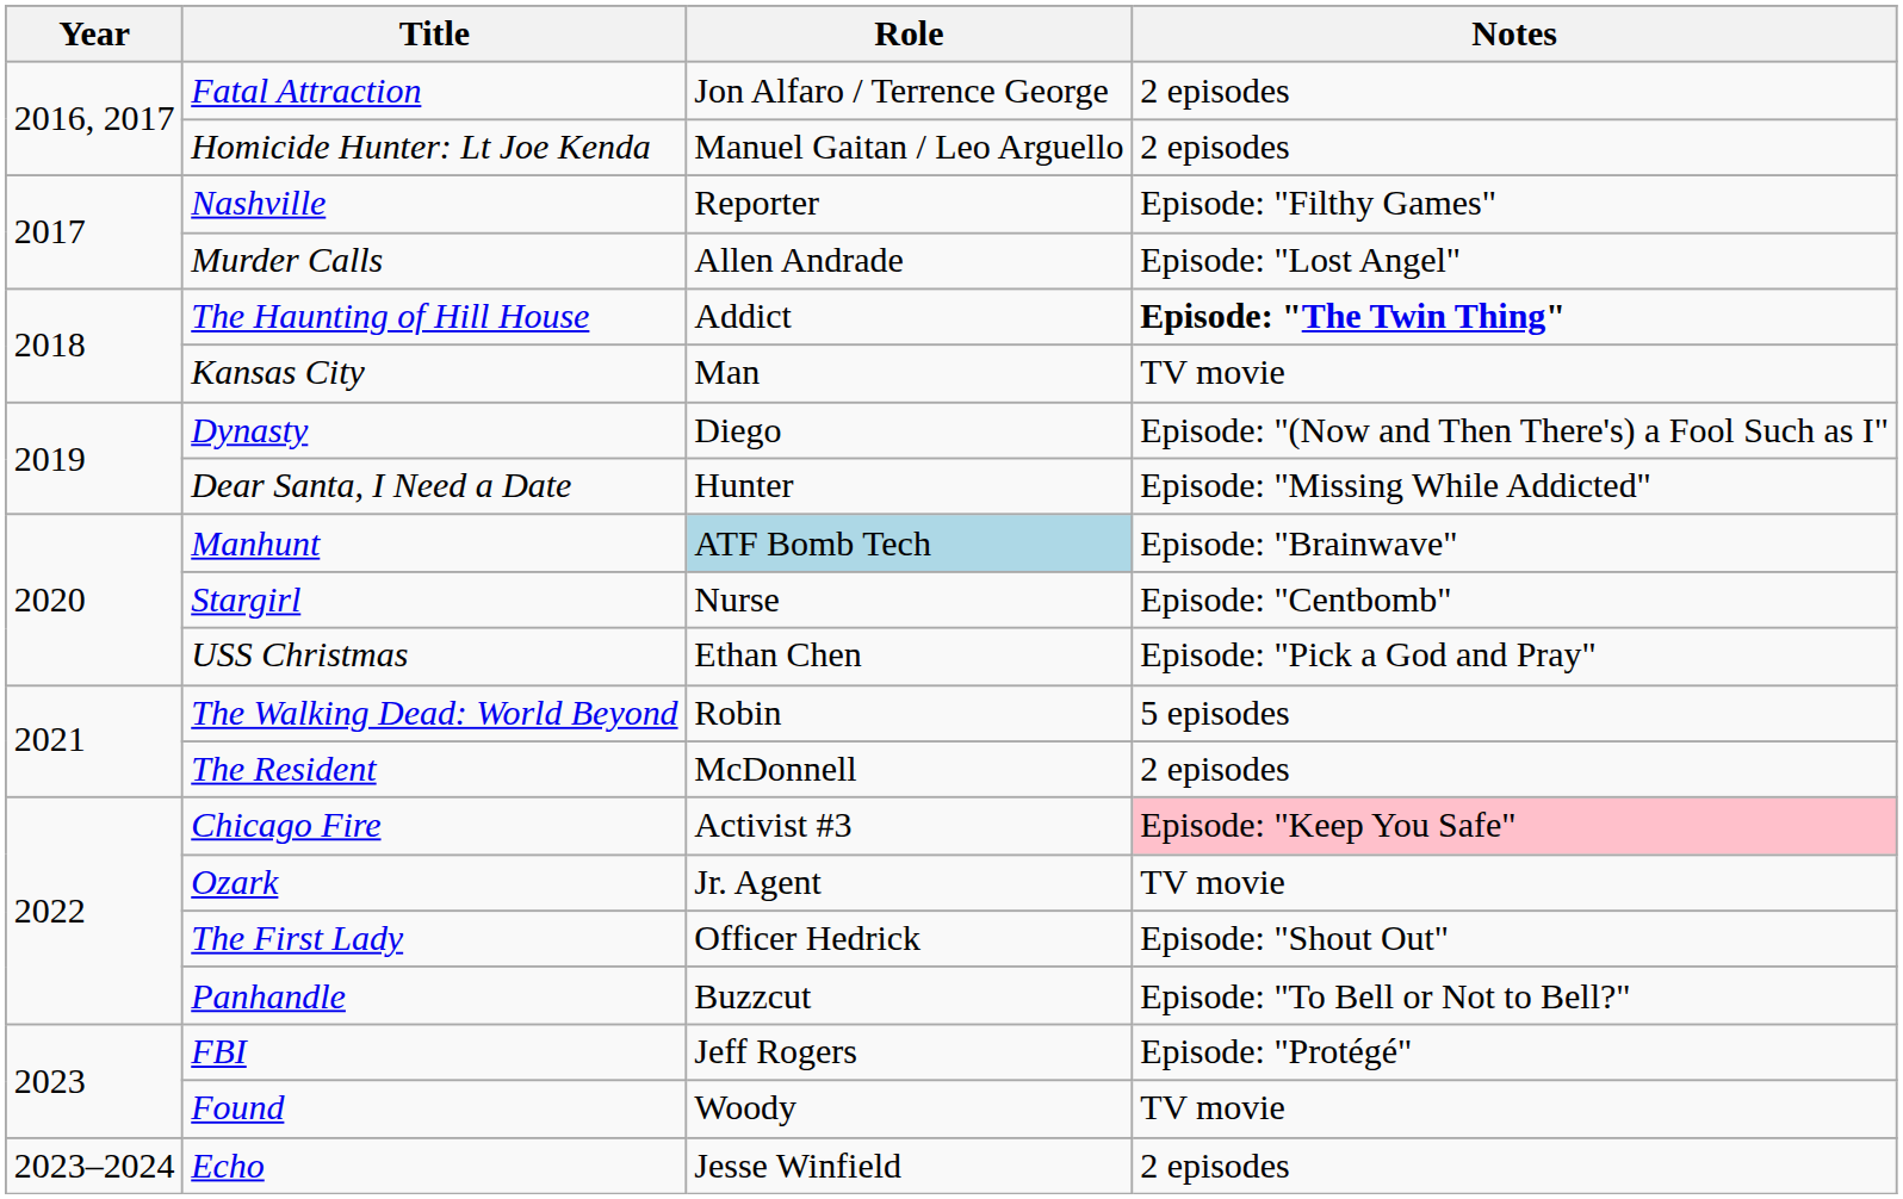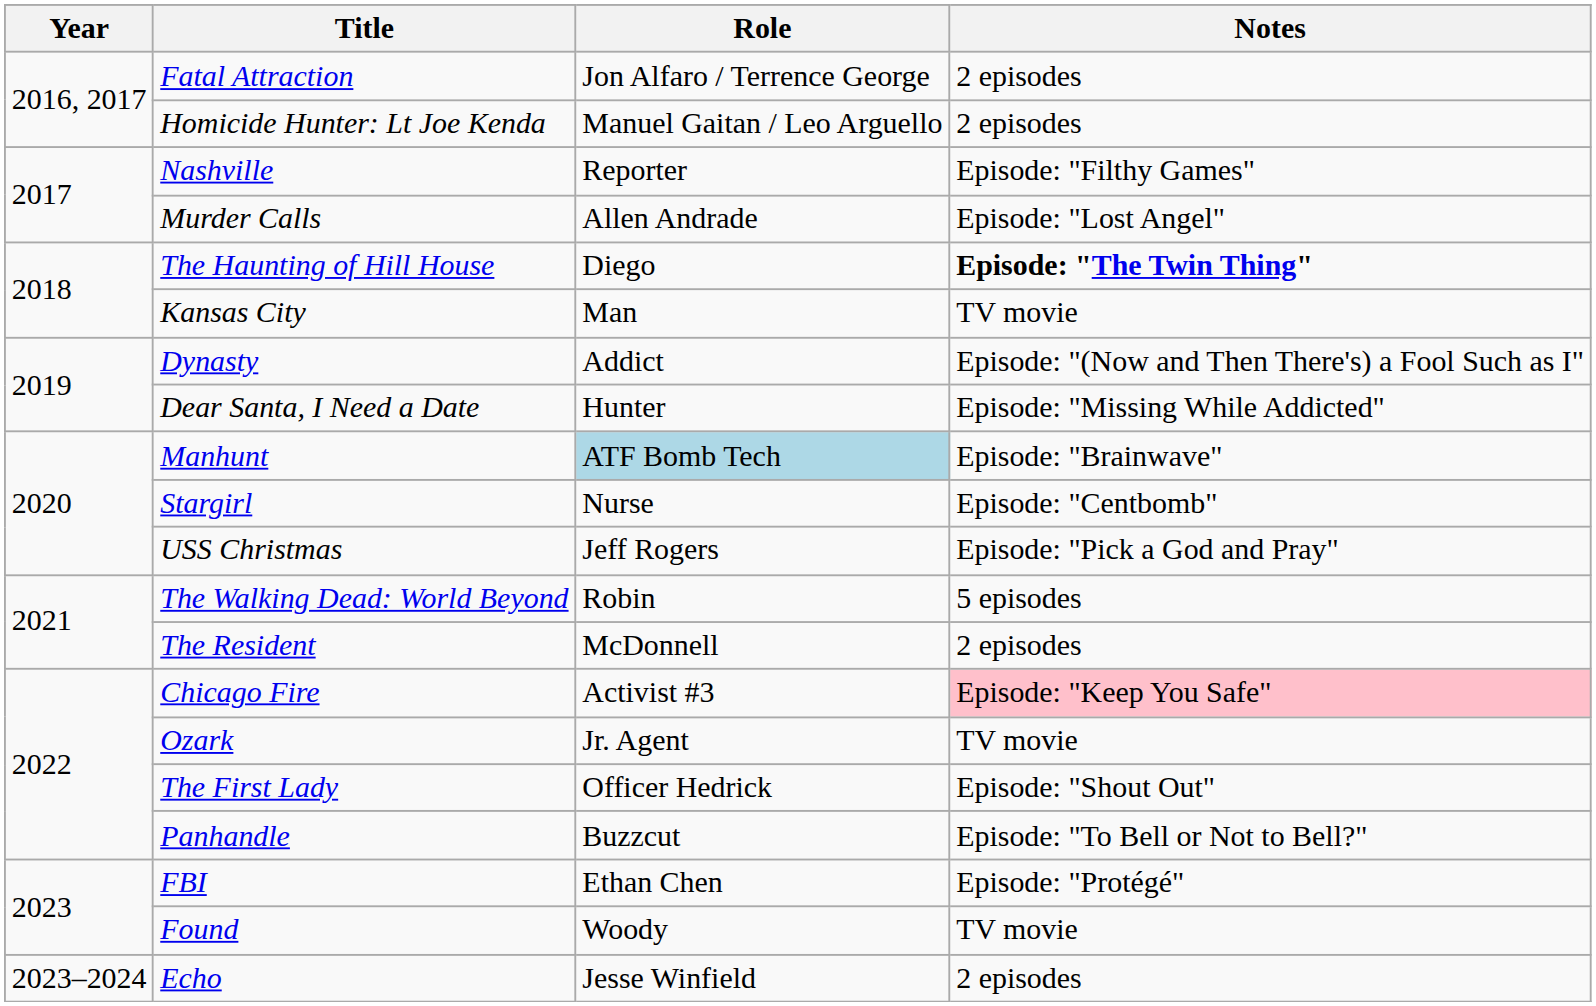 <table class="wikitable sortable">
 <tr>
 <th>Year</th>
 <th>Title</th>
 <th>Role</th>
 <th class="unsortable">Notes</th>
 </tr>
 <tr>
 <td rowspan="2">2016, 2017</td>
 <td><em><a href='#'>Fatal Attraction</a></em></td>
 <td>Jon Alfaro / Terrence George</td>
 <td>2 episodes</td>
 </tr>
 <tr>
 <td><em>Homicide Hunter: Lt Joe Kenda</em></td>
 <td>Manuel Gaitan / Leo Arguello</td>
 <td>2 episodes</td>
 </tr>
 <tr>
 <td rowspan="2">2017</td>
 <td><em><a href='#'>Nashville</a></em></td>
 <td>Reporter</td>
 <td>Episode: "Filthy Games"</td>
 </tr>
 <tr>
 <td><em>Murder Calls</em></td>
 <td>Allen Andrade</td>
 <td>Episode: "Lost Angel"</td>
 </tr>
 <tr>
 <td rowspan="2">2018</td>
 <td><em><a href='#'>The Haunting of Hill House</a></em></td>
-<td>Addict</td>
+<td>Diego</td>
 <td><strong>Episode: "<a href='#'>The Twin Thing</a>"</strong></td>
 </tr>
 <tr>
 <td><em>Kansas City</em></td>
 <td>Man</td>
 <td>TV movie</td>
 </tr>
 <tr>
 <td rowspan="2">2019</td>
 <td><em><a href='#'>Dynasty</a></em></td>
-<td>Diego</td>
+<td>Addict</td>
 <td>Episode: "(Now and Then There's) a Fool Such as I"</td>
 </tr>
 <tr>
 <td><em>Dear Santa, I Need a Date</em></td>
 <td>Hunter</td>
 <td>Episode: "Missing While Addicted"</td>
 </tr>
 <tr>
 <td rowspan="3">2020</td>
 <td><em><a href='#'>Manhunt</a></em></td>
 <td style="background: lightblue;">ATF Bomb Tech</td>
 <td>Episode: "Brainwave"</td>
 </tr>
 <tr>
 <td><em><a href='#'>Stargirl</a></em></td>
 <td>Nurse</td>
 <td>Episode: "Centbomb"</td>
 </tr>
 <tr>
 <td><em>USS Christmas</em></td>
-<td>Ethan Chen</td>
+<td>Jeff Rogers</td>
 <td>Episode: "Pick a God and Pray"</td>
 </tr>
 <tr>
 <td rowspan="2">2021</td>
 <td><em><a href='#'>The Walking Dead: World Beyond</a></em></td>
 <td>Robin</td>
 <td>5 episodes</td>
 </tr>
 <tr>
 <td><em><a href='#'>The Resident</a></em></td>
 <td>McDonnell</td>
 <td>2 episodes</td>
 </tr>
 <tr>
 <td rowspan="4">2022</td>
 <td><em><a href='#'>Chicago Fire</a></em></td>
 <td>Activist #3</td>
 <td style="background: pink;">Episode: "Keep You Safe"</td>
 </tr>
 <tr>
 <td><em><a href='#'>Ozark</a></em></td>
 <td>Jr. Agent</td>
 <td>TV movie</td>
 </tr>
 <tr>
 <td><em><a href='#'>The First Lady</a></em></td>
 <td>Officer Hedrick</td>
 <td>Episode: "Shout Out"</td>
 </tr>
 <tr>
 <td><em><a href='#'>Panhandle</a></em></td>
 <td>Buzzcut</td>
 <td>Episode: "To Bell or Not to Bell?"</td>
 </tr>
 <tr>
 <td rowspan="2">2023</td>
 <td><em><a href='#'>FBI</a></em></td>
-<td>Jeff Rogers</td>
+<td>Ethan Chen</td>
 <td>Episode: "Protégé"</td>
 </tr>
 <tr>
 <td><em><a href='#'>Found</a></em></td>
 <td>Woody</td>
 <td>TV movie</td>
 </tr>
 <tr>
 <td>2023–2024</td>
 <td><em><a href='#'>Echo</a></em></td>
 <td>Jesse Winfield</td>
 <td>2 episodes</td>
 </tr>
 </table>
